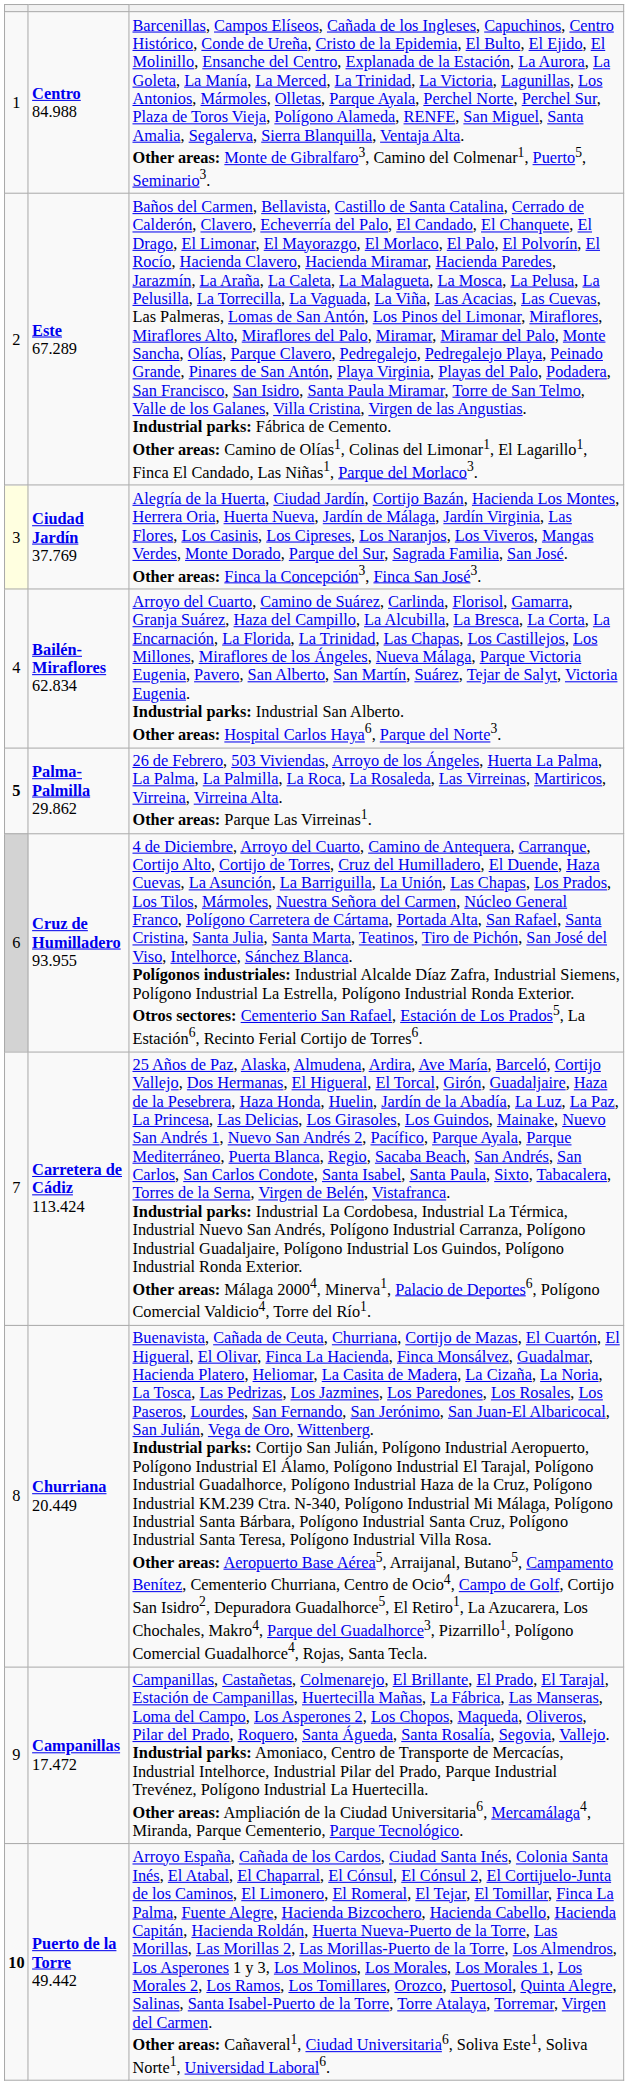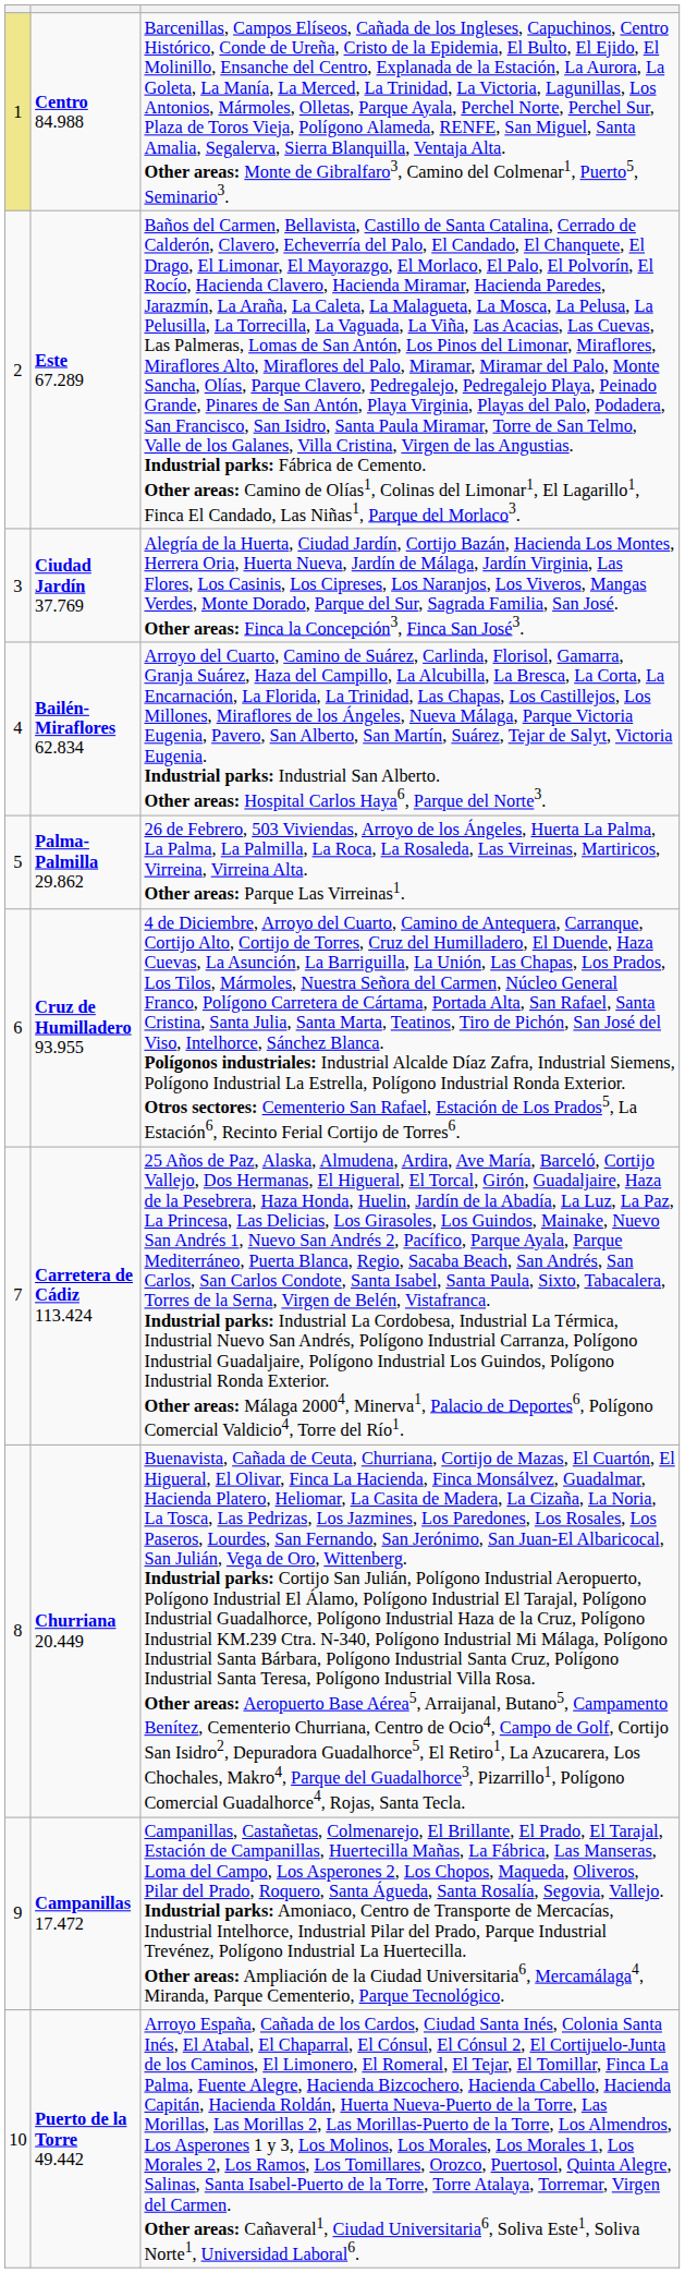 <table class="wikitable">
 <tr>
 <th></th>
 <th></th>
 <th></th>
 </tr>
 <tr>
-<td align="center">1</td>
+<td align="center" style="background: khaki;">1</td>
 <td align="left"><strong><a href='#'>Centro</a></strong><br> 84.988</td>
 <td align="left"><a href='#'>Barcenillas</a>, <a href='#'>Campos Elíseos</a>, <a href='#'>Cañada de los Ingleses</a>, <a href='#'>Capuchinos</a>, <a href='#'>Centro Histórico</a>, <a href='#'>Conde de Ureña</a>, <a href='#'>Cristo de la Epidemia</a>, <a href='#'>El Bulto</a>, <a href='#'>El Ejido</a>, <a href='#'>El Molinillo</a>, <a href='#'>Ensanche del Centro</a>, <a href='#'>Explanada de la Estación</a>, <a href='#'>La Aurora</a>, <a href='#'>La Goleta</a>, <a href='#'>La Manía</a>, <a href='#'>La Merced</a>, <a href='#'>La Trinidad</a>, <a href='#'>La Victoria</a>, <a href='#'>Lagunillas</a>, <a href='#'>Los Antonios</a>, <a href='#'>Mármoles</a>, <a href='#'>Olletas</a>, <a href='#'>Parque Ayala</a>, <a href='#'>Perchel Norte</a>, <a href='#'>Perchel Sur</a>, <a href='#'>Plaza de Toros Vieja</a>, <a href='#'>Polígono Alameda</a>, <a href='#'>RENFE</a>, <a href='#'>San Miguel</a>, <a href='#'>Santa Amalia</a>, <a href='#'>Segalerva</a>, <a href='#'>Sierra Blanquilla</a>, <a href='#'>Ventaja Alta</a>.<br><strong> Other areas: </strong> <a href='#'>Monte de Gibralfaro</a><sup>3</sup>, Camino del Colmenar<sup>1</sup>, <a href='#'>Puerto</a><sup>5</sup>, <a href='#'>Seminario</a><sup>3</sup>.</td>
 </tr>
 <tr>
 <td align="center">2</td>
 <td align="left"><strong><a href='#'>Este</a></strong><br> 67.289</td>
 <td align="left"><a href='#'>Baños del Carmen</a>, <a href='#'>Bellavista</a>, <a href='#'>Castillo de Santa Catalina</a>, <a href='#'>Cerrado de Calderón</a>, <a href='#'>Clavero</a>, <a href='#'>Echeverría del Palo</a>, <a href='#'>El Candado</a>, <a href='#'>El Chanquete</a>, <a href='#'>El Drago</a>, <a href='#'>El Limonar</a>, <a href='#'>El Mayorazgo</a>, <a href='#'>El Morlaco</a>, <a href='#'>El Palo</a>, <a href='#'>El Polvorín</a>, <a href='#'>El Rocío</a>, <a href='#'>Hacienda Clavero</a>, <a href='#'>Hacienda Miramar</a>, <a href='#'>Hacienda Paredes</a>, <a href='#'>Jarazmín</a>, <a href='#'>La Araña</a>, <a href='#'>La Caleta</a>, <a href='#'>La Malagueta</a>, <a href='#'>La Mosca</a>, <a href='#'>La Pelusa</a>, <a href='#'>La Pelusilla</a>, <a href='#'>La Torrecilla</a>, <a href='#'>La Vaguada</a>, <a href='#'>La Viña</a>, <a href='#'>Las Acacias</a>, <a href='#'>Las Cuevas</a>, Las Palmeras, <a href='#'>Lomas de San Antón</a>, <a href='#'>Los Pinos del Limonar</a>, <a href='#'>Miraflores</a>, <a href='#'>Miraflores Alto</a>, <a href='#'>Miraflores del Palo</a>, <a href='#'>Miramar</a>, <a href='#'>Miramar del Palo</a>, <a href='#'>Monte Sancha</a>, <a href='#'>Olías</a>, <a href='#'>Parque Clavero</a>, <a href='#'>Pedregalejo</a>, <a href='#'>Pedregalejo Playa</a>, <a href='#'>Peinado Grande</a>, <a href='#'>Pinares de San Antón</a>, <a href='#'>Playa Virginia</a>, <a href='#'>Playas del Palo</a>, <a href='#'>Podadera</a>, <a href='#'>San Francisco</a>, <a href='#'>San Isidro</a>, <a href='#'>Santa Paula Miramar</a>, <a href='#'>Torre de San Telmo</a>, <a href='#'>Valle de los Galanes</a>, <a href='#'>Villa Cristina</a>, <a href='#'>Virgen de las Angustias</a>. <br><strong> Industrial parks:</strong> Fábrica de Cemento.<br><strong> Other areas:</strong> Camino de Olías<sup>1</sup>, Colinas del Limonar<sup>1</sup>, El Lagarillo<sup>1</sup>, Finca El Candado, Las Niñas<sup>1</sup>, <a href='#'>Parque del Morlaco</a><sup>3</sup>.</td>
 </tr>
 <tr>
-<td align="center" style="background: lightyellow;">3</td>
+<td align="center">3</td>
 <td align="left"><strong><a href='#'>Ciudad Jardín</a></strong><br> 37.769</td>
 <td align="left"><a href='#'>Alegría de la Huerta</a>, <a href='#'>Ciudad Jardín</a>, <a href='#'>Cortijo Bazán</a>, <a href='#'>Hacienda Los Montes</a>, <a href='#'>Herrera Oria</a>, <a href='#'>Huerta Nueva</a>, <a href='#'>Jardín de Málaga</a>, <a href='#'>Jardín Virginia</a>, <a href='#'>Las Flores</a>, <a href='#'>Los Casinis</a>, <a href='#'>Los Cipreses</a>, <a href='#'>Los Naranjos</a>, <a href='#'>Los Viveros</a>, <a href='#'>Mangas Verdes</a>, <a href='#'>Monte Dorado</a>, <a href='#'>Parque del Sur</a>, <a href='#'>Sagrada Familia</a>, <a href='#'>San José</a>.<br><strong> Other areas:</strong> <a href='#'>Finca la Concepción</a><sup>3</sup>, <a href='#'>Finca San José</a><sup>3</sup>.</td>
 </tr>
 <tr>
 <td align="center">4</td>
 <td align="left"><strong><a href='#'>Bailén-Miraflores</a></strong><br> 62.834</td>
 <td align="left"><a href='#'>Arroyo del Cuarto</a>, <a href='#'>Camino de Suárez</a>, <a href='#'>Carlinda</a>, <a href='#'>Florisol</a>, <a href='#'>Gamarra</a>, <a href='#'>Granja Suárez</a>, <a href='#'>Haza del Campillo</a>, <a href='#'>La Alcubilla</a>, <a href='#'>La Bresca</a>, <a href='#'>La Corta</a>, <a href='#'>La Encarnación</a>, <a href='#'>La Florida</a>, <a href='#'>La Trinidad</a>, <a href='#'>Las Chapas</a>, <a href='#'>Los Castillejos</a>, <a href='#'>Los Millones</a>, <a href='#'>Miraflores de los Ángeles</a>, <a href='#'>Nueva Málaga</a>, <a href='#'>Parque Victoria Eugenia</a>, <a href='#'>Pavero</a>, <a href='#'>San Alberto</a>, <a href='#'>San Martín</a>, <a href='#'>Suárez</a>, <a href='#'>Tejar de Salyt</a>, <a href='#'>Victoria Eugenia</a>.<br><strong> Industrial parks:</strong> Industrial San Alberto.<br><strong> Other areas:</strong> <a href='#'>Hospital Carlos Haya</a><sup>6</sup>, <a href='#'>Parque del Norte</a><sup>3</sup>.</td>
 </tr>
 <tr>
-<td align="center"><strong>5</strong></td>
+<td align="center">5</td>
 <td align="left"><strong><a href='#'>Palma-Palmilla</a></strong><br> 29.862</td>
 <td align="left"><a href='#'>26 de Febrero</a>, <a href='#'>503 Viviendas</a>, <a href='#'>Arroyo de los Ángeles</a>, <a href='#'>Huerta La Palma</a>, <a href='#'>La Palma</a>, <a href='#'>La Palmilla</a>, <a href='#'>La Roca</a>, <a href='#'>La Rosaleda</a>, <a href='#'>Las Virreinas</a>, <a href='#'>Martiricos</a>, <a href='#'>Virreina</a>, <a href='#'>Virreina Alta</a>.<br><strong> Other areas:</strong> Parque Las Virreinas<sup>1</sup>.</td>
 </tr>
 <tr>
-<td align="center" style="background: lightgrey;">6</td>
+<td align="center">6</td>
 <td align="left"><strong><a href='#'>Cruz de Humilladero</a></strong><br> 93.955</td>
 <td align="left"><a href='#'>4 de Diciembre</a>, <a href='#'>Arroyo del Cuarto</a>, <a href='#'>Camino de Antequera</a>, <a href='#'>Carranque</a>, <a href='#'>Cortijo Alto</a>, <a href='#'>Cortijo de Torres</a>, <a href='#'>Cruz del Humilladero</a>, <a href='#'>El Duende</a>, <a href='#'>Haza Cuevas</a>, <a href='#'>La Asunción</a>, <a href='#'>La Barriguilla</a>, <a href='#'>La Unión</a>, <a href='#'>Las Chapas</a>, <a href='#'>Los Prados</a>, <a href='#'>Los Tilos</a>, <a href='#'>Mármoles</a>, <a href='#'>Nuestra Señora del Carmen</a>, <a href='#'>Núcleo General Franco</a>, <a href='#'>Polígono Carretera de Cártama</a>, <a href='#'>Portada Alta</a>, <a href='#'>San Rafael</a>, <a href='#'>Santa Cristina</a>, <a href='#'>Santa Julia</a>, <a href='#'>Santa Marta</a>, <a href='#'>Teatinos</a>, <a href='#'>Tiro de Pichón</a>, <a href='#'>San José del Viso</a>, <a href='#'>Intelhorce</a>, <a href='#'>Sánchez Blanca</a>.<br><strong> Polígonos industriales:</strong> Industrial Alcalde Díaz Zafra, Industrial Siemens, Polígono Industrial La Estrella, Polígono Industrial Ronda Exterior. <br><strong> Otros sectores:</strong> <a href='#'>Cementerio San Rafael</a>, <a href='#'>Estación de Los Prados</a><sup>5</sup>, La Estación<sup>6</sup>, Recinto Ferial Cortijo de Torres<sup>6</sup>.</td>
 </tr>
 <tr>
 <td align="center">7</td>
 <td align="left"><strong><a href='#'>Carretera de Cádiz</a></strong><br> 113.424</td>
 <td align="left"><a href='#'>25 Años de Paz</a>, <a href='#'>Alaska</a>, <a href='#'>Almudena</a>, <a href='#'>Ardira</a>, <a href='#'>Ave María</a>, <a href='#'>Barceló</a>, <a href='#'>Cortijo Vallejo</a>, <a href='#'>Dos Hermanas</a>, <a href='#'>El Higueral</a>, <a href='#'>El Torcal</a>, <a href='#'>Girón</a>, <a href='#'>Guadaljaire</a>, <a href='#'>Haza de la Pesebrera</a>, <a href='#'>Haza Honda</a>, <a href='#'>Huelin</a>, <a href='#'>Jardín de la Abadía</a>, <a href='#'>La Luz</a>, <a href='#'>La Paz</a>, <a href='#'>La Princesa</a>, <a href='#'>Las Delicias</a>, <a href='#'>Los Girasoles</a>, <a href='#'>Los Guindos</a>, <a href='#'>Mainake</a>, <a href='#'>Nuevo San Andrés 1</a>, <a href='#'>Nuevo San Andrés 2</a>, <a href='#'>Pacífico</a>, <a href='#'>Parque Ayala</a>, <a href='#'>Parque Mediterráneo</a>, <a href='#'>Puerta Blanca</a>, <a href='#'>Regio</a>, <a href='#'>Sacaba Beach</a>, <a href='#'>San Andrés</a>, <a href='#'>San Carlos</a>, <a href='#'>San Carlos Condote</a>, <a href='#'>Santa Isabel</a>, <a href='#'>Santa Paula</a>, <a href='#'>Sixto</a>, <a href='#'>Tabacalera</a>, <a href='#'>Torres de la Serna</a>, <a href='#'>Virgen de Belén</a>, <a href='#'>Vistafranca</a>.<br><strong> Industrial parks:</strong> Industrial La Cordobesa, Industrial La Térmica, Industrial Nuevo San Andrés, Polígono Industrial Carranza, Polígono Industrial Guadaljaire, Polígono Industrial Los Guindos, Polígono Industrial Ronda Exterior. <br> <strong> Other areas:</strong> Málaga 2000<sup>4</sup>, Minerva<sup>1</sup>, <a href='#'>Palacio de Deportes</a><sup>6</sup>, Polígono Comercial Valdicio<sup>4</sup>, Torre del Río<sup>1</sup>.</td>
 </tr>
 <tr>
 <td align="center">8</td>
 <td align="left"><strong><a href='#'>Churriana</a></strong><br> 20.449</td>
 <td align="left"><a href='#'>Buenavista</a>, <a href='#'>Cañada de Ceuta</a>, <a href='#'>Churriana</a>, <a href='#'>Cortijo de Mazas</a>, <a href='#'>El Cuartón</a>, <a href='#'>El Higueral</a>, <a href='#'>El Olivar</a>, <a href='#'>Finca La Hacienda</a>, <a href='#'>Finca Monsálvez</a>, <a href='#'>Guadalmar</a>, <a href='#'>Hacienda Platero</a>, <a href='#'>Heliomar</a>, <a href='#'>La Casita de Madera</a>, <a href='#'>La Cizaña</a>, <a href='#'>La Noria</a>, <a href='#'>La Tosca</a>, <a href='#'>Las Pedrizas</a>, <a href='#'>Los Jazmines</a>, <a href='#'>Los Paredones</a>, <a href='#'>Los Rosales</a>, <a href='#'>Los Paseros</a>, <a href='#'>Lourdes</a>, <a href='#'>San Fernando</a>, <a href='#'>San Jerónimo</a>, <a href='#'>San Juan-El Albaricocal</a>, <a href='#'>San Julián</a>, <a href='#'>Vega de Oro</a>, <a href='#'>Wittenberg</a>.<br><strong> Industrial parks:</strong> Cortijo San Julián, Polígono Industrial Aeropuerto, Polígono Industrial El Álamo, Polígono Industrial El Tarajal, Polígono Industrial Guadalhorce, Polígono Industrial Haza de la Cruz, Polígono Industrial KM.239 Ctra. N-340, Polígono Industrial Mi Málaga, Polígono Industrial Santa Bárbara, Polígono Industrial Santa Cruz, Polígono Industrial Santa Teresa, Polígono Industrial Villa Rosa.<br> <strong> Other areas:</strong> <a href='#'>Aeropuerto Base Aérea</a><sup>5</sup>, Arraijanal, Butano<sup>5</sup>, <a href='#'>Campamento Benítez</a>, Cementerio Churriana, Centro de Ocio<sup>4</sup>, <a href='#'>Campo de Golf</a>, Cortijo San Isidro<sup>2</sup>, Depuradora Guadalhorce<sup>5</sup>, El Retiro<sup>1</sup>, La Azucarera, Los Chochales, Makro<sup>4</sup>, <a href='#'>Parque del Guadalhorce</a><sup>3</sup>, Pizarrillo<sup>1</sup>, Polígono Comercial Guadalhorce<sup>4</sup>, Rojas, Santa Tecla.</td>
 </tr>
 <tr>
 <td align="center">9</td>
 <td align="left"><strong><a href='#'>Campanillas</a></strong><br> 17.472</td>
 <td align="left"><a href='#'>Campanillas</a>, <a href='#'>Castañetas</a>, <a href='#'>Colmenarejo</a>, <a href='#'>El Brillante</a>, <a href='#'>El Prado</a>, <a href='#'>El Tarajal</a>, <a href='#'>Estación de Campanillas</a>, <a href='#'>Huertecilla Mañas</a>, <a href='#'>La Fábrica</a>, <a href='#'>Las Manseras</a>, <a href='#'>Loma del Campo</a>, <a href='#'>Los Asperones 2</a>, <a href='#'>Los Chopos</a>, <a href='#'>Maqueda</a>, <a href='#'>Oliveros</a>, <a href='#'>Pilar del Prado</a>, <a href='#'>Roquero</a>, <a href='#'>Santa Águeda</a>, <a href='#'>Santa Rosalía</a>, <a href='#'>Segovia</a>, <a href='#'>Vallejo</a>.<br><strong> Industrial parks:</strong> Amoniaco, Centro de Transporte de Mercacías, Industrial Intelhorce, Industrial Pilar del Prado, Parque Industrial Trevénez, Polígono Industrial La Huertecilla.<br> <strong> Other areas:</strong> Ampliación de la Ciudad Universitaria<sup>6</sup>, <a href='#'>Mercamálaga</a><sup>4</sup>, Miranda, Parque Cementerio, <a href='#'>Parque Tecnológico</a>.</td>
 </tr>
 <tr>
-<td align="center"><strong>10</strong></td>
+<td align="center">10</td>
 <td align="left"><strong><a href='#'>Puerto de la Torre</a></strong><br> 49.442</td>
 <td align="left"><a href='#'>Arroyo España</a>, <a href='#'>Cañada de los Cardos</a>, <a href='#'>Ciudad Santa Inés</a>, <a href='#'>Colonia Santa Inés</a>, <a href='#'>El Atabal</a>, <a href='#'>El Chaparral</a>, <a href='#'>El Cónsul</a>, <a href='#'>El Cónsul 2</a>, <a href='#'>El Cortijuelo-Junta de los Caminos</a>, <a href='#'>El Limonero</a>, <a href='#'>El Romeral</a>, <a href='#'>El Tejar</a>, <a href='#'>El Tomillar</a>, <a href='#'>Finca La Palma</a>, <a href='#'>Fuente Alegre</a>, <a href='#'>Hacienda Bizcochero</a>, <a href='#'>Hacienda Cabello</a>, <a href='#'>Hacienda Capitán</a>, <a href='#'>Hacienda Roldán</a>, <a href='#'>Huerta Nueva-Puerto de la Torre</a>, <a href='#'>Las Morillas</a>, <a href='#'>Las Morillas 2</a>, <a href='#'>Las Morillas-Puerto de la Torre</a>, <a href='#'>Los Almendros</a>, <a href='#'>Los Asperones</a> 1 y 3, <a href='#'>Los Molinos</a>, <a href='#'>Los Morales</a>, <a href='#'>Los Morales 1</a>, <a href='#'>Los Morales 2</a>, <a href='#'>Los Ramos</a>, <a href='#'>Los Tomillares</a>, <a href='#'>Orozco</a>, <a href='#'>Puertosol</a>, <a href='#'>Quinta Alegre</a>, <a href='#'>Salinas</a>, <a href='#'>Santa Isabel-Puerto de la Torre</a>, <a href='#'>Torre Atalaya</a>, <a href='#'>Torremar</a>, <a href='#'>Virgen del Carmen</a>.<br> <strong> Other areas:</strong> Cañaveral<sup>1</sup>, <a href='#'>Ciudad Universitaria</a><sup>6</sup>, Soliva Este<sup>1</sup>, Soliva Norte<sup>1</sup>, <a href='#'>Universidad Laboral</a><sup>6</sup>.</td>
 </tr>
 </table>
